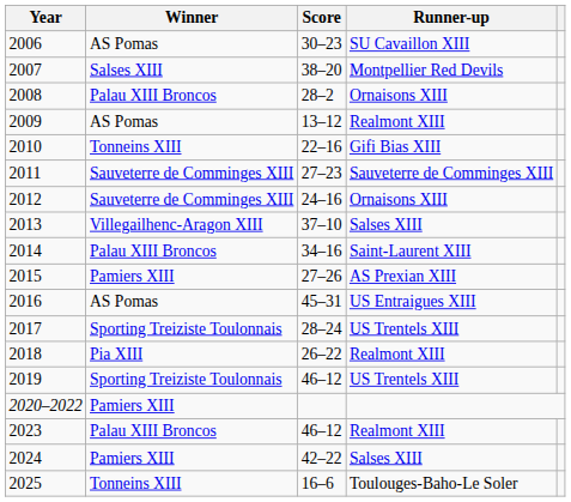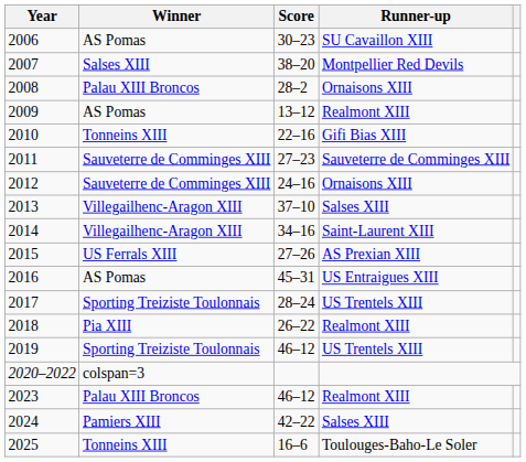 <table class="wikitable">
 <tr>
 <th>Year</th>
 <th>Winner</th>
 <th>Score</th>
 <th>Runner-up</th>
 <th></th>
 </tr>
 <tr>
 <td>2006</td>
 <td>AS Pomas</td>
 <td>30–23</td>
 <td><a href='#'>SU Cavaillon XIII</a></td>
 <td></td>
 </tr>
 <tr>
 <td>2007</td>
 <td><a href='#'>Salses XIII</a></td>
 <td>38–20</td>
 <td><a href='#'>Montpellier Red Devils</a></td>
 <td></td>
 </tr>
 <tr>
 <td>2008</td>
 <td><a href='#'>Palau XIII Broncos</a></td>
 <td>28–2</td>
 <td><a href='#'>Ornaisons XIII</a></td>
 <td></td>
 </tr>
 <tr>
 <td>2009</td>
 <td>AS Pomas</td>
 <td>13–12</td>
 <td><a href='#'>Realmont XIII</a></td>
 <td></td>
 </tr>
 <tr>
 <td>2010</td>
 <td><a href='#'>Tonneins XIII</a></td>
 <td>22–16</td>
 <td><a href='#'>Gifi Bias XIII</a></td>
 <td></td>
 </tr>
 <tr>
 <td>2011</td>
 <td><a href='#'>Sauveterre de Comminges XIII</a></td>
 <td>27–23</td>
 <td><a href='#'>Sauveterre de Comminges XIII</a></td>
 <td></td>
 </tr>
 <tr>
 <td>2012</td>
 <td><a href='#'>Sauveterre de Comminges XIII</a></td>
 <td>24–16</td>
 <td><a href='#'>Ornaisons XIII</a></td>
 <td></td>
 </tr>
 <tr>
 <td>2013</td>
 <td><a href='#'>Villegailhenc-Aragon XIII</a></td>
 <td>37–10</td>
 <td><a href='#'>Salses XIII</a></td>
 <td></td>
 </tr>
 <tr>
 <td>2014</td>
-<td><a href='#'>Palau XIII Broncos</a></td>
+<td><a href='#'>Villegailhenc-Aragon XIII</a></td>
 <td>34–16</td>
 <td><a href='#'>Saint-Laurent XIII</a></td>
 <td></td>
 </tr>
 <tr>
 <td>2015</td>
-<td><a href='#'>Pamiers XIII</a></td>
+<td><a href='#'>US Ferrals XIII</a></td>
 <td>27–26</td>
 <td><a href='#'>AS Prexian XIII</a></td>
 <td></td>
 </tr>
 <tr>
 <td>2016</td>
 <td>AS Pomas</td>
 <td>45–31</td>
 <td><a href='#'>US Entraigues XIII</a></td>
 <td></td>
 </tr>
 <tr>
 <td>2017</td>
 <td><a href='#'>Sporting Treiziste Toulonnais</a></td>
 <td>28–24</td>
 <td><a href='#'>US Trentels XIII</a></td>
 <td></td>
 </tr>
 <tr>
 <td>2018</td>
 <td><a href='#'>Pia XIII</a></td>
 <td>26–22</td>
 <td><a href='#'>Realmont XIII</a></td>
 <td></td>
 </tr>
 <tr>
 <td>2019</td>
 <td><a href='#'>Sporting Treiziste Toulonnais</a></td>
 <td>46–12</td>
 <td><a href='#'>US Trentels XIII</a></td>
 <td></td>
 </tr>
 <tr>
 <td><em>2020–2022</em></td>
-<td><a href='#'>Pamiers XIII</a></td>
+<td>colspan=3 </td>
 <td></td>
 </tr>
 <tr>
 <td>2023</td>
 <td><a href='#'>Palau XIII Broncos</a></td>
 <td>46–12</td>
 <td><a href='#'>Realmont XIII</a></td>
 <td></td>
 </tr>
 <tr>
 <td>2024</td>
 <td><a href='#'>Pamiers XIII</a></td>
 <td>42–22</td>
 <td><a href='#'>Salses XIII</a></td>
 <td></td>
 </tr>
 <tr>
 <td>2025</td>
 <td><a href='#'>Tonneins XIII</a></td>
 <td>16–6</td>
 <td>Toulouges-Baho-Le Soler</td>
 <td></td>
 </tr>
 </table>
